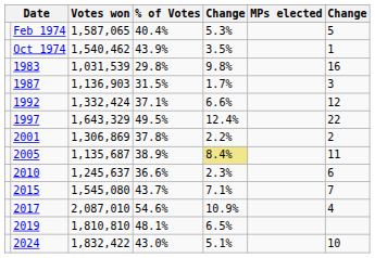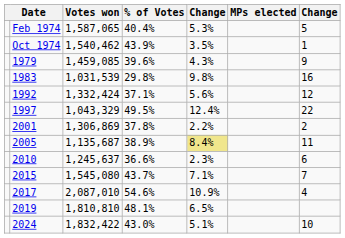 <table class="wikitable sortable" style="text-align: left">
 <tr>
 <th colspan="2">Date</th>
 <th>Votes won</th>
 <th>% of Votes</th>
 <th>Change</th>
 <th>MPs elected</th>
 <th>Change</th>
 </tr>
 <tr>
 <td width="1" style="color:inherit;background:"></td>
 <td><a href='#'>Feb 1974</a></td>
 <td>1,587,065</td>
 <td>40.4%</td>
 <td> 5.3%</td>
 <td></td>
 <td> 5</td>
 </tr>
 <tr>
 <td width="1" style="color:inherit;background:"></td>
 <td><a href='#'>Oct 1974</a></td>
 <td>1,540,462</td>
 <td>43.9%</td>
 <td> 3.5%</td>
 <td></td>
 <td> 1</td>
 </tr>
 <tr>
 <td width="1" style="color:inherit;background:"></td>
+<td><a href='#'>1979</a></td>
+<td>1,459,085</td>
+<td>39.6%</td>
+<td> 4.3%</td>
+<td></td>
+<td> 9</td>
+</tr>
+<tr>
+<td width="1" style="color:inherit;background:"></td>
 <td><a href='#'>1983</a></td>
 <td>1,031,539</td>
 <td>29.8%</td>
 <td> 9.8%</td>
 <td></td>
 <td> 16</td>
 </tr>
 <tr>
 <td width="1" style="color:inherit;background:"></td>
-<td><a href='#'>1987</a></td>
-<td>1,136,903</td>
-<td>31.5%</td>
-<td> 1.7%</td>
-<td></td>
-<td> 3</td>
-</tr>
-<tr>
-<td width="1" style="color:inherit;background:"></td>
 <td><a href='#'>1992</a></td>
 <td>1,332,424</td>
 <td>37.1%</td>
-<td> 6.6%</td>
+<td> 5.6%</td>
 <td></td>
 <td> 12</td>
 </tr>
 <tr>
 <td width="1" style="color:inherit;background:"></td>
 <td><a href='#'>1997</a></td>
-<td>1,643,329</td>
+<td>1,043,329</td>
 <td>49.5%</td>
 <td> 12.4%</td>
 <td></td>
 <td> 22</td>
 </tr>
 <tr>
 <td width="1" style="color:inherit;background:"></td>
 <td><a href='#'>2001</a></td>
 <td>1,306,869</td>
 <td>37.8%</td>
 <td> 2.2%</td>
 <td></td>
 <td> 2</td>
 </tr>
 <tr>
 <td width="1" style="color:inherit;background:"></td>
 <td><a href='#'>2005</a></td>
 <td>1,135,687</td>
 <td>38.9%</td>
 <td style="background: khaki;"> 8.4%</td>
 <td></td>
 <td> 11</td>
 </tr>
 <tr>
 <td width="1" style="color:inherit;background:"></td>
 <td><a href='#'>2010</a></td>
 <td>1,245,637</td>
 <td>36.6%</td>
 <td> 2.3%</td>
 <td></td>
 <td> 6</td>
 </tr>
 <tr>
 <td width="1" style="color:inherit;background:"></td>
 <td><a href='#'>2015</a></td>
 <td>1,545,080</td>
 <td>43.7%</td>
 <td> 7.1%</td>
 <td></td>
 <td> 7</td>
 </tr>
 <tr>
 <td width="1" style="color:inherit;background:"></td>
 <td><a href='#'>2017</a></td>
 <td>2,087,010</td>
 <td>54.6%</td>
 <td> 10.9%</td>
 <td></td>
 <td> 4</td>
 </tr>
 <tr>
 <td width="1" style="color:inherit;background:"></td>
 <td><a href='#'>2019</a></td>
 <td>1,810,810</td>
 <td>48.1%</td>
 <td> 6.5%</td>
 <td></td>
 <td></td>
 </tr>
 <tr>
 <td width="1" style="color:inherit;background:"></td>
 <td><a href='#'>2024</a></td>
 <td>1,832,422</td>
 <td>43.0%</td>
 <td> 5.1%</td>
 <td></td>
 <td> 10</td>
 </tr>
 </table>
